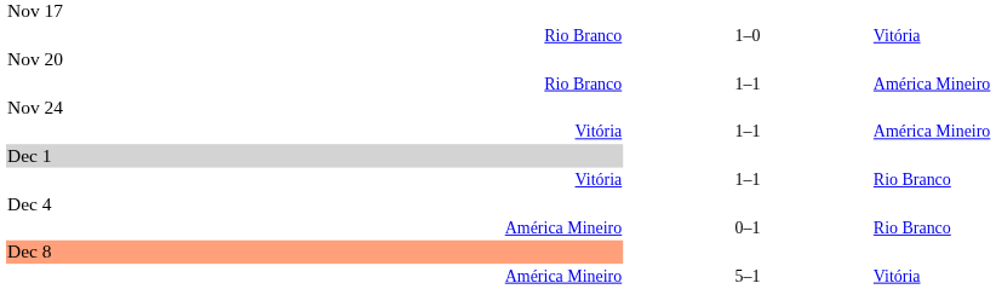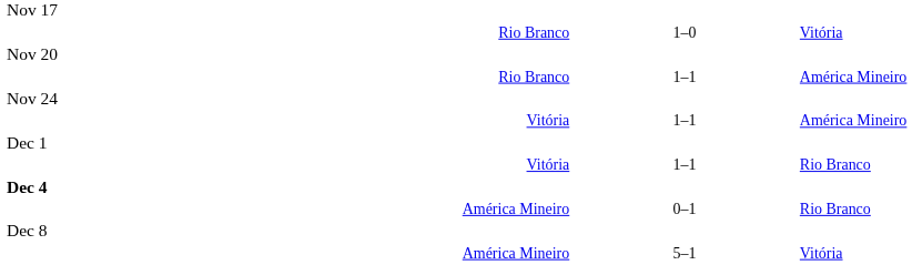 <table style="width:100%" cellspacing="1">
 <tr>
 <th width=25%></th>
 <th width=10%></th>
 <th width=25%></th>
 </tr>
 <tr>
 <td>Nov 17</td>
 </tr>
 <tr style=font-size:90%>
 <td align=right><a href='#'>Rio Branco</a> </td>
 <td align=center>1–0</td>
 <td> <a href='#'>Vitória</a></td>
 </tr>
 <tr>
 <td>Nov 20</td>
 </tr>
 <tr style=font-size:90%>
 <td align=right><a href='#'>Rio Branco</a> </td>
 <td align=center>1–1</td>
 <td> <a href='#'>América Mineiro</a></td>
 </tr>
 <tr>
 <td>Nov 24</td>
 </tr>
 <tr style=font-size:90%>
 <td align=right><a href='#'>Vitória</a> </td>
 <td align=center>1–1</td>
 <td> <a href='#'>América Mineiro</a></td>
 </tr>
 <tr>
-<td style="background: lightgrey;">Dec 1</td>
+<td>Dec 1</td>
 </tr>
 <tr style=font-size:90%>
 <td align=right><a href='#'>Vitória</a> </td>
 <td align=center>1–1</td>
 <td> <a href='#'>Rio Branco</a></td>
 </tr>
 <tr>
-<td>Dec 4</td>
+<td><strong>Dec 4</strong></td>
 </tr>
 <tr style=font-size:90%>
 <td align=right><a href='#'>América Mineiro</a> </td>
 <td align=center>0–1</td>
 <td> <a href='#'>Rio Branco</a></td>
 </tr>
 <tr>
-<td style="background: lightsalmon;">Dec 8</td>
+<td>Dec 8</td>
 </tr>
 <tr style=font-size:90%>
 <td align=right><a href='#'>América Mineiro</a> </td>
 <td align=center>5–1</td>
 <td> <a href='#'>Vitória</a></td>
 </tr>
 </table>
